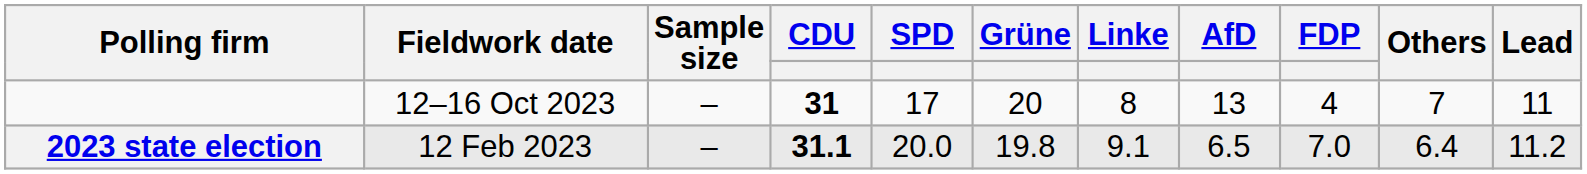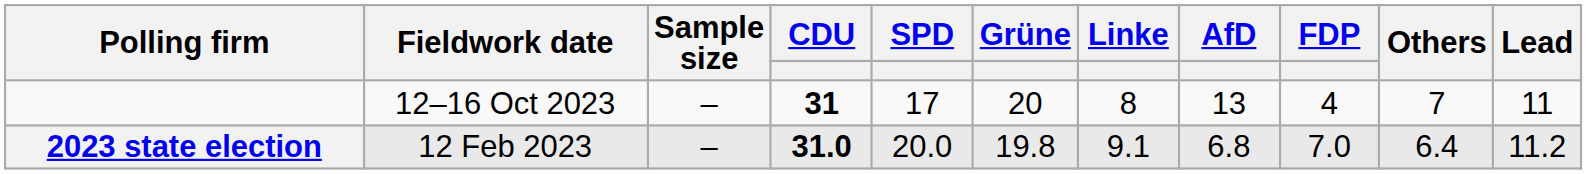 <table class="wikitable sortable" style="text-align:center;font-size:90%;line-height:14px;">
 <tr>
 <th rowspan="2" style="width:160px;">Polling firm</th>
 <th rowspan="2" style="width:125px;">Fieldwork date</th>
 <th rowspan="2" style="width:35px;">Sample<br>size</th>
 <th class="unsortable" style="width:40px;"><a href='#'>CDU</a></th>
 <th class="unsortable" style="width:40px;"><a href='#'>SPD</a></th>
 <th class="unsortable" style="width:40px;"><a href='#'>Grüne</a></th>
 <th class="unsortable" style="width:40px;"><a href='#'>Linke</a></th>
 <th class="unsortable" style="width:40px;"><a href='#'>AfD</a></th>
 <th class="unsortable" style="width:40px;"><a href='#'>FDP</a></th>
 <th rowspan="2" class="unsortable" style="width:40px;">Others</th>
 <th rowspan="2" style="width:30px;">Lead</th>
 </tr>
 <tr>
 <th style="background:"></th>
 <th style="background:"></th>
 <th style="background:"></th>
 <th style="background:"></th>
 <th style="background:"></th>
 <th style="background:"></th>
 </tr>
 <tr>
 <td></td>
 <td data-sort-value="2023-02-02">12–16 Oct 2023</td>
 <td>–</td>
 <td><strong>31</strong></td>
 <td>17</td>
 <td>20</td>
 <td>8</td>
 <td>13</td>
 <td>4</td>
 <td>7</td>
 <td style="background:">11</td>
 </tr>
 <tr style="background:#E9E9E9;">
 <th><a href='#'>2023 state election</a></th>
 <td>12 Feb 2023</td>
 <td>–</td>
-<td><strong>31.1</strong></td>
+<td><strong>31.0</strong></td>
 <td>20.0</td>
 <td>19.8</td>
 <td>9.1</td>
-<td>6.5</td>
+<td>6.8</td>
 <td>7.0</td>
 <td>6.4</td>
 <td style="background:">11.2</td>
 </tr>
 </table>
